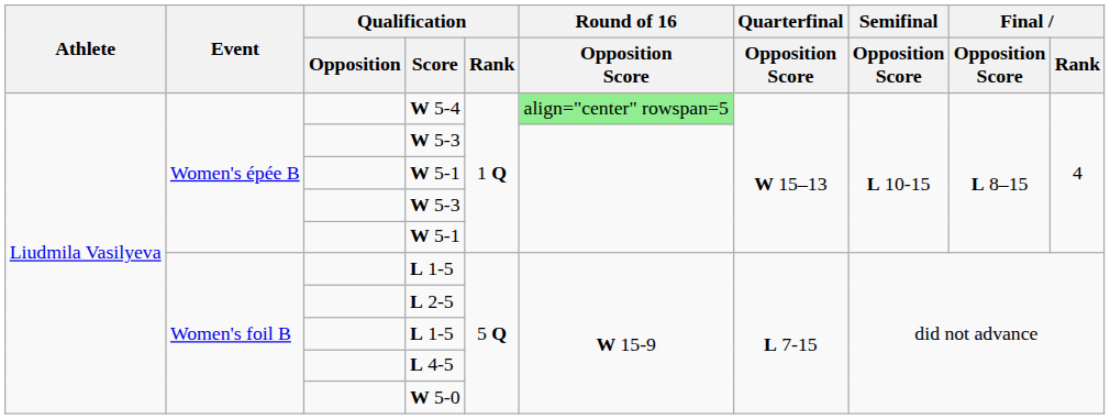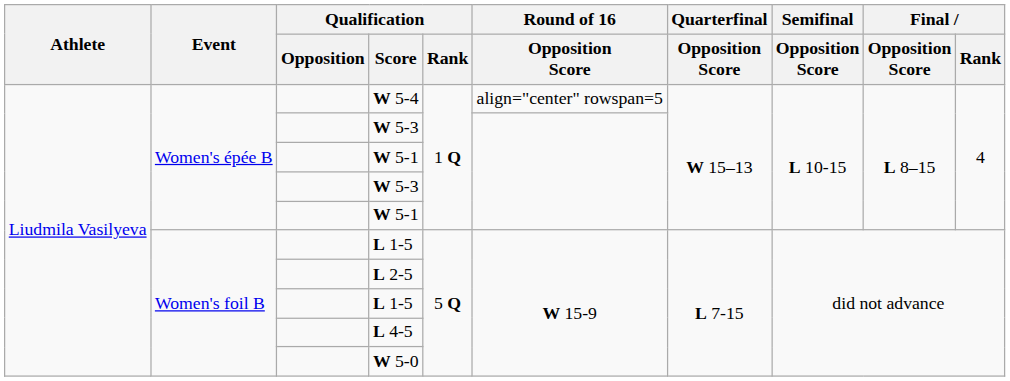 <table class=wikitable style="font-size:90%">
 <tr>
 <th rowspan="2">Athlete</th>
 <th rowspan="2">Event</th>
 <th colspan="3">Qualification</th>
 <th>Round of 16</th>
 <th>Quarterfinal</th>
 <th>Semifinal</th>
 <th colspan="2">Final / </th>
 </tr>
 <tr>
 <th>Opposition</th>
 <th>Score</th>
 <th>Rank</th>
 <th>Opposition<br>Score</th>
 <th>Opposition<br>Score</th>
 <th>Opposition<br>Score</th>
 <th>Opposition<br>Score</th>
 <th>Rank</th>
 </tr>
 <tr>
 <td rowspan=10><a href='#'>Liudmila Vasilyeva</a></td>
 <td rowspan=5><a href='#'>Women's épée B</a></td>
 <td></td>
 <td><strong>W</strong> 5-4</td>
 <td align="center" rowspan=5>1 <strong>Q</strong></td>
-<td style="background: lightgreen;">align="center" rowspan=5 </td>
+<td>align="center" rowspan=5 </td>
 <td align="center" rowspan=5><br><strong>W</strong> 15–13</td>
 <td align="center" rowspan=5><br><strong>L</strong> 10-15</td>
 <td align="center" rowspan=5><br><strong>L</strong> 8–15</td>
 <td align="center" rowspan=5>4</td>
 </tr>
 <tr>
 <td></td>
 <td><strong>W</strong> 5-3</td>
 </tr>
 <tr>
 <td></td>
 <td><strong>W</strong> 5-1</td>
 </tr>
 <tr>
 <td></td>
 <td><strong>W</strong> 5-3</td>
 </tr>
 <tr>
 <td></td>
 <td><strong>W</strong> 5-1</td>
 </tr>
 <tr>
 <td rowspan=5><a href='#'>Women's foil B</a></td>
 <td></td>
 <td><strong>L</strong> 1-5</td>
 <td align="center" rowspan=5>5 <strong>Q</strong></td>
 <td align="center" rowspan=5><br><strong>W</strong> 15-9</td>
 <td align="center" rowspan=5><br><strong>L</strong> 7-15</td>
 <td align="center" rowspan=5 colspan=3>did not advance</td>
 </tr>
 <tr>
 <td></td>
 <td><strong>L</strong> 2-5</td>
 </tr>
 <tr>
 <td></td>
 <td><strong>L</strong> 1-5</td>
 </tr>
 <tr>
 <td></td>
 <td><strong>L</strong> 4-5</td>
 </tr>
 <tr>
 <td></td>
 <td><strong>W</strong> 5-0</td>
 </tr>
 </table>
